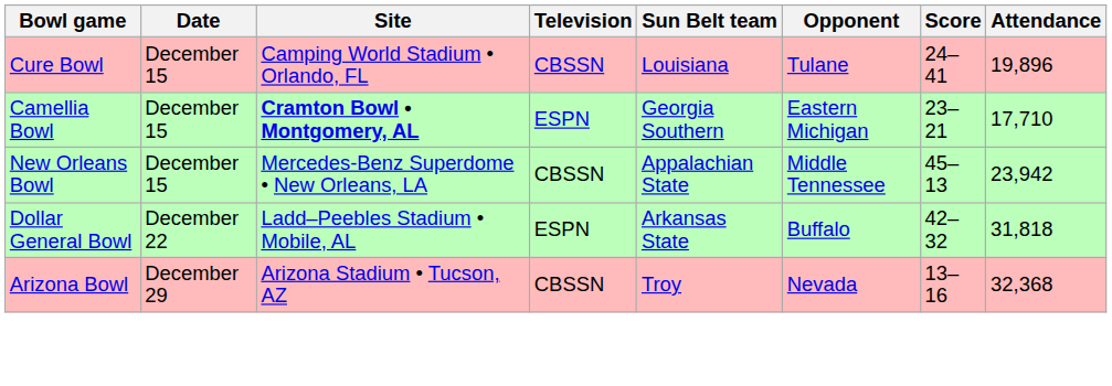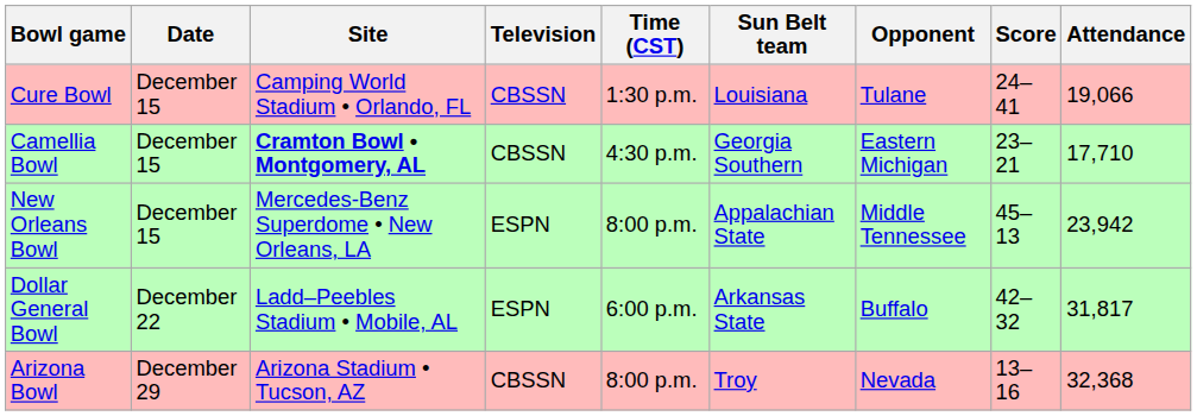 <table class="wikitable">
 <tr>
 <th>Bowl game</th>
 <th>Date</th>
 <th>Site</th>
 <th>Television</th>
+<th>Time (<a href='#'>CST</a>)</th>
 <th>Sun Belt team</th>
 <th>Opponent</th>
 <th>Score</th>
 <th>Attendance</th>
 </tr>
 <tr style="background:#fbb;">
 <td><a href='#'>Cure Bowl</a></td>
 <td>December 15</td>
 <td><a href='#'>Camping World Stadium</a> • <a href='#'>Orlando, FL</a></td>
 <td><a href='#'>CBSSN</a></td>
+<td>1:30 p.m.</td>
 <td><a href='#'>Louisiana</a></td>
 <td><a href='#'>Tulane</a></td>
 <td>24–41</td>
-<td>19,896</td>
+<td>19,066</td>
 </tr>
 <tr style="background:#bfb;">
 <td><a href='#'>Camellia Bowl</a></td>
 <td>December 15</td>
 <td><strong><a href='#'>Cramton Bowl</a> • <a href='#'>Montgomery, AL</a></strong></td>
-<td><a href='#'>ESPN</a></td>
+<td>CBSSN</td>
+<td>4:30 p.m.</td>
 <td><a href='#'>Georgia Southern</a></td>
 <td><a href='#'>Eastern Michigan</a></td>
 <td>23–21</td>
 <td>17,710</td>
 </tr>
 <tr style="background:#bfb;">
 <td><a href='#'>New Orleans Bowl</a></td>
 <td>December 15</td>
 <td><a href='#'>Mercedes-Benz Superdome</a> • <a href='#'>New Orleans, LA</a></td>
-<td>CBSSN</td>
+<td>ESPN</td>
+<td>8:00 p.m.</td>
 <td><a href='#'>Appalachian State</a></td>
 <td><a href='#'>Middle Tennessee</a></td>
 <td>45–13</td>
 <td>23,942</td>
 </tr>
 <tr style="background:#bfb;">
 <td><a href='#'>Dollar General Bowl</a></td>
 <td>December 22</td>
 <td><a href='#'>Ladd–Peebles Stadium</a> • <a href='#'>Mobile, AL</a></td>
 <td>ESPN</td>
+<td>6:00 p.m.</td>
 <td><a href='#'>Arkansas State</a></td>
 <td><a href='#'>Buffalo</a></td>
 <td>42–32</td>
-<td>31,818</td>
+<td>31,817</td>
 </tr>
 <tr style="background:#fbb">
 <td><a href='#'>Arizona Bowl</a></td>
 <td>December 29</td>
 <td><a href='#'>Arizona Stadium</a> • <a href='#'>Tucson, AZ</a></td>
 <td>CBSSN</td>
+<td>8:00 p.m.</td>
 <td><a href='#'>Troy</a></td>
 <td><a href='#'>Nevada</a></td>
 <td>13–16</td>
 <td>32,368</td>
 </tr>
 </table>
